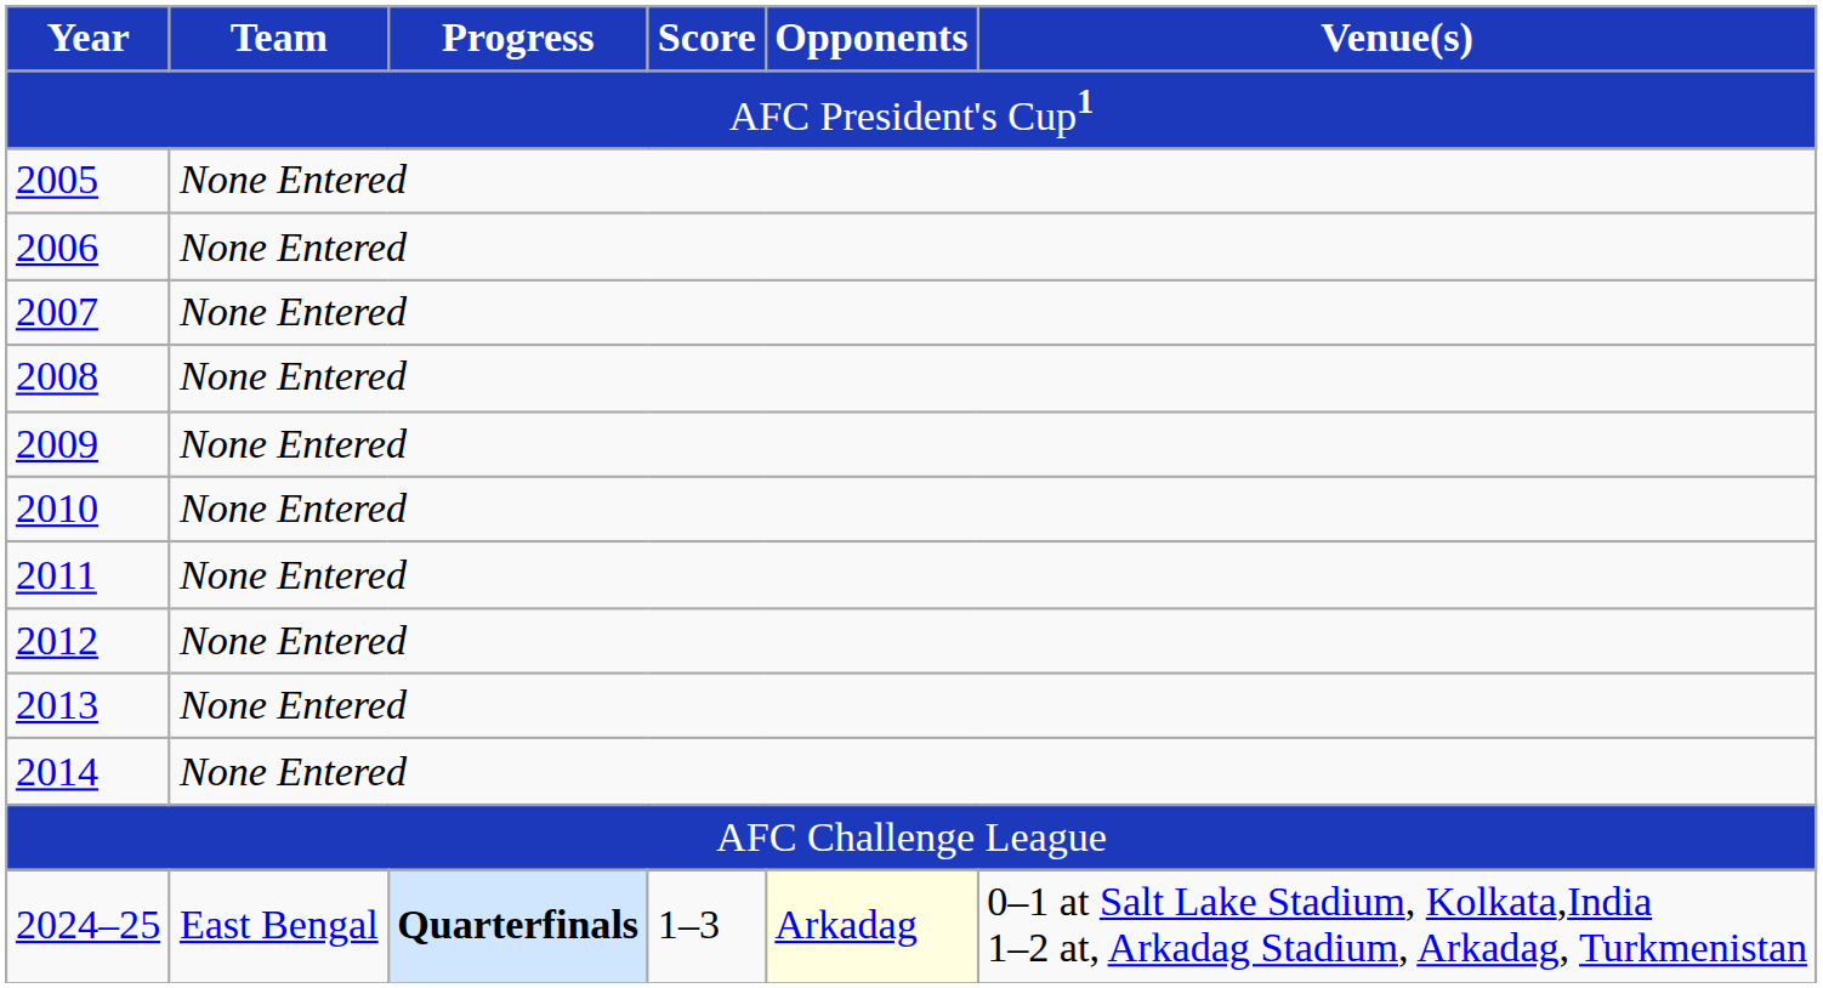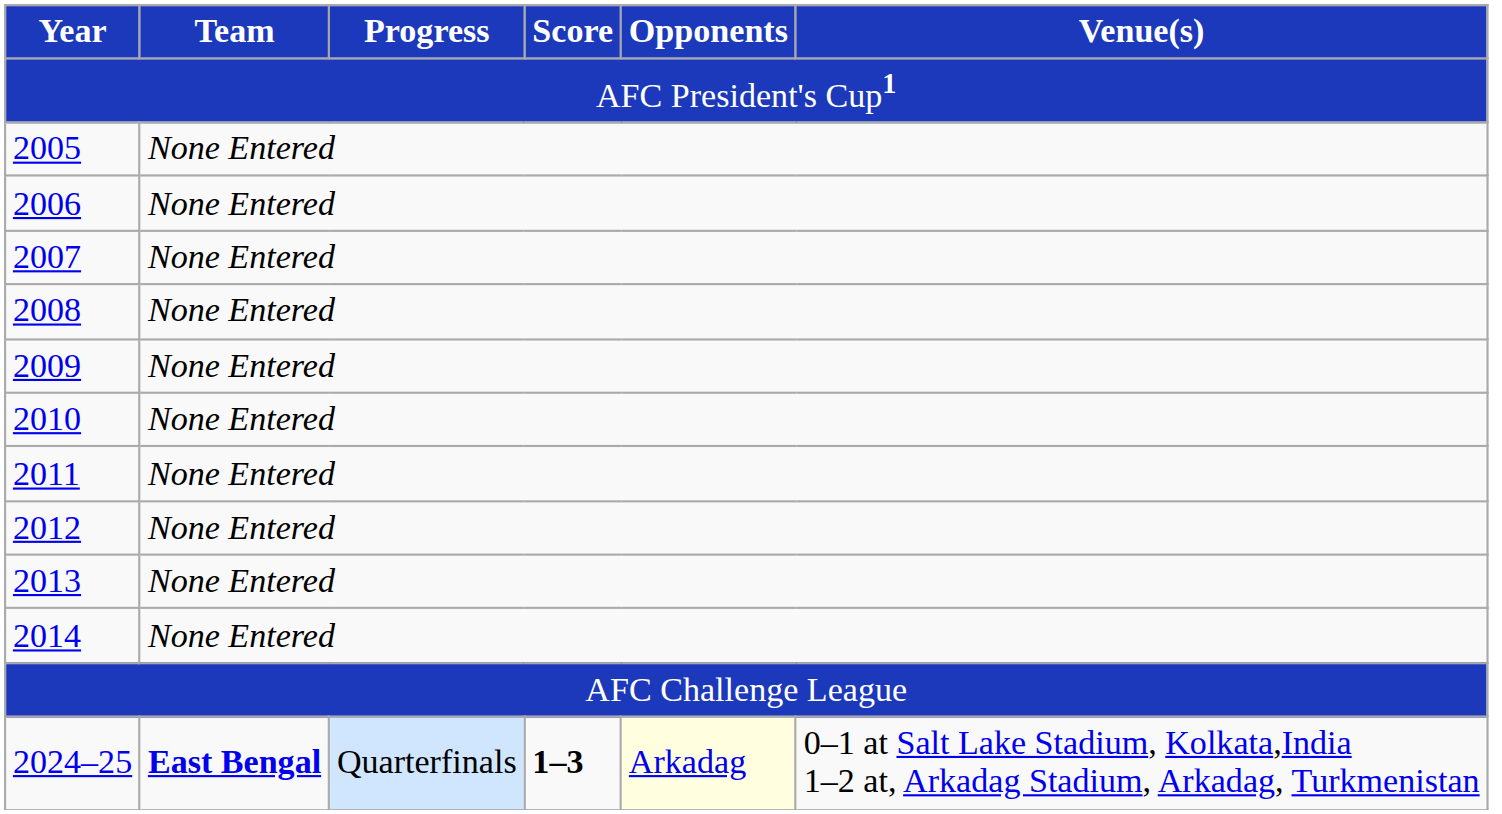 <table class="wikitable">
 <tr>
 <th style="background:#1C39BC; color:white; text-align:center;">Year</th>
 <th style="background:#1C39BC; color:white; text-align:center;">Team</th>
 <th style="background:#1C39BC; color:white; text-align:center;">Progress</th>
 <th style="background:#1C39BC; color:white; text-align:center;">Score</th>
 <th style="background:#1C39BC; color:white; text-align:center;">Opponents</th>
 <th style="background:#1C39BC; color:white; text-align:center;">Venue(s)</th>
 </tr>
 <tr>
 <td colspan=6 style="background:#1C39BC; color:white; text-align:center;">AFC President's Cup<sup><strong>1</strong></sup></td>
 </tr>
 <tr>
 <td><a href='#'>2005</a></td>
 <td colspan="5"><em>None Entered</em></td>
 </tr>
 <tr>
 <td><a href='#'>2006</a></td>
 <td colspan="5"><em>None Entered</em></td>
 </tr>
 <tr>
 <td><a href='#'>2007</a></td>
 <td colspan="5"><em>None Entered</em></td>
 </tr>
 <tr>
 <td><a href='#'>2008</a></td>
 <td colspan="5"><em>None Entered</em></td>
 </tr>
 <tr>
 <td><a href='#'>2009</a></td>
 <td colspan="5"><em>None Entered</em></td>
 </tr>
 <tr>
 <td><a href='#'>2010</a></td>
 <td colspan="5"><em>None Entered</em></td>
 </tr>
 <tr>
 <td><a href='#'>2011</a></td>
 <td colspan="5"><em>None Entered</em></td>
 </tr>
 <tr>
 <td><a href='#'>2012</a></td>
 <td colspan="5"><em>None Entered</em></td>
 </tr>
 <tr>
 <td><a href='#'>2013</a></td>
 <td colspan="5"><em>None Entered</em></td>
 </tr>
 <tr>
 <td><a href='#'>2014</a></td>
 <td colspan="5"><em>None Entered</em></td>
 </tr>
 <tr>
 <td colspan=6 style="background:#1C39BC; color:white; text-align:center;">AFC Challenge League</td>
 </tr>
 <tr>
 <td rowspan="2"><a href='#'>2024–25</a></td>
-<td><a href='#'>East Bengal</a></td>
-<td style="background:#D0E6FF;"><strong>Quarterfinals</strong></td>
-<td>1–3</td>
+<td><strong><a href='#'>East Bengal</a></strong></td>
+<td style="background:#D0E6FF;">Quarterfinals</td>
+<td><strong>1–3</strong></td>
 <td style="background: lightyellow;"> <a href='#'>Arkadag</a></td>
 <td>0–1 at <a href='#'>Salt Lake Stadium</a>, <a href='#'>Kolkata</a>,<a href='#'>India</a><br>1–2 at,  <a href='#'>Arkadag Stadium</a>, <a href='#'>Arkadag</a>, <a href='#'>Turkmenistan</a></td>
 </tr>
 </table>
